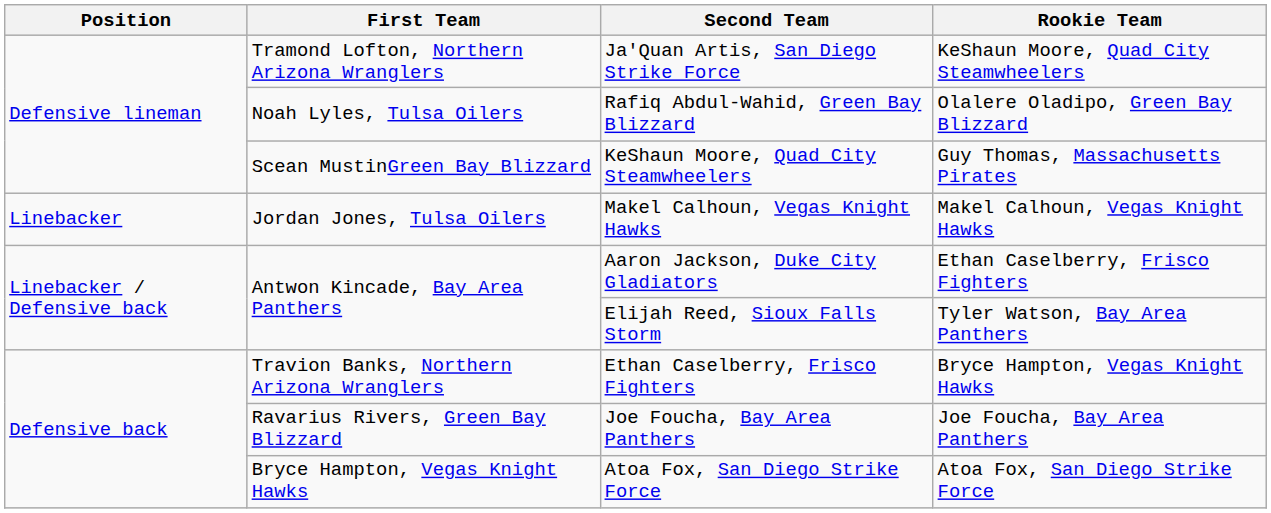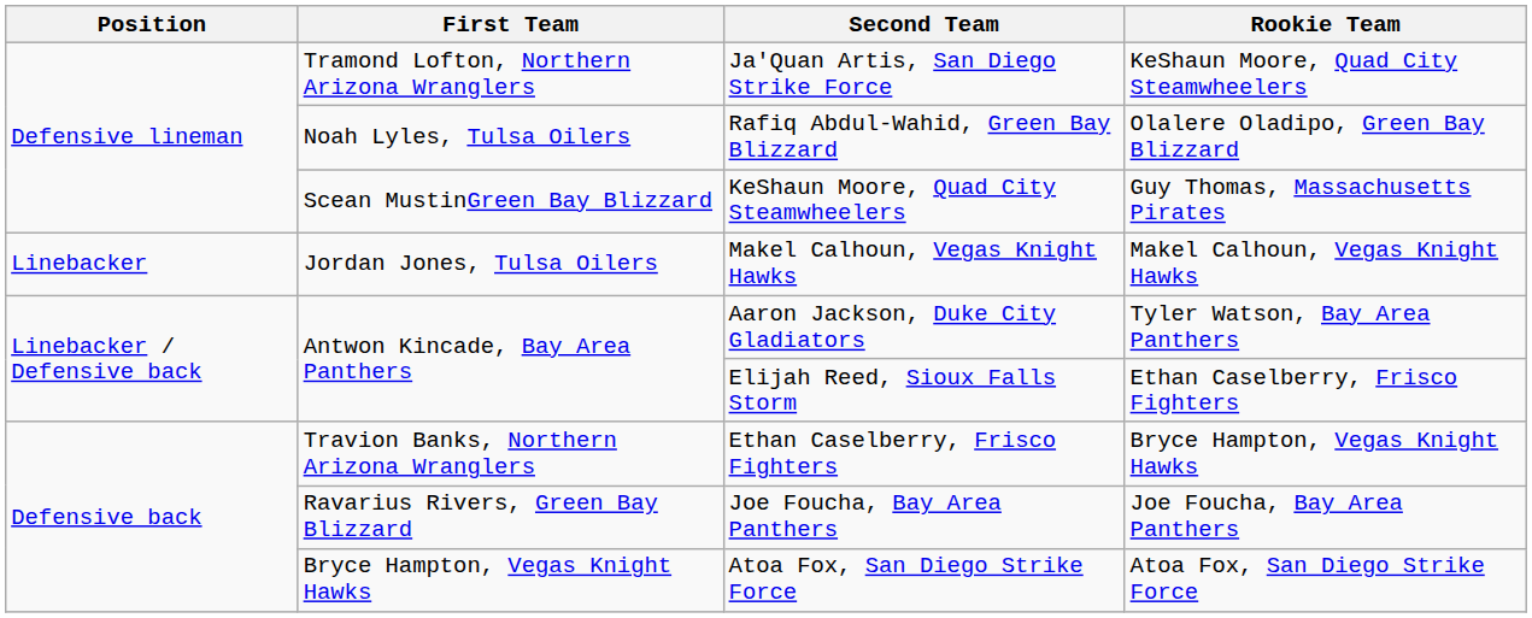 <table class="wikitable">
 <tr>
 <th>Position</th>
 <th>First Team</th>
 <th>Second Team</th>
 <th>Rookie Team</th>
 </tr>
 <tr>
 <td rowspan="3"><a href='#'>Defensive lineman</a></td>
 <td>Tramond Lofton, <a href='#'>Northern Arizona Wranglers</a></td>
 <td>Ja'Quan Artis, <a href='#'>San Diego Strike Force</a></td>
 <td>KeShaun Moore, <a href='#'>Quad City Steamwheelers</a></td>
 </tr>
 <tr>
 <td>Noah Lyles, <a href='#'>Tulsa Oilers</a></td>
 <td>Rafiq Abdul-Wahid, <a href='#'>Green Bay Blizzard</a></td>
 <td>Olalere Oladipo, <a href='#'>Green Bay Blizzard</a></td>
 </tr>
 <tr>
 <td>Scean Mustin<a href='#'>Green Bay Blizzard</a></td>
 <td>KeShaun Moore, <a href='#'>Quad City Steamwheelers</a></td>
 <td>Guy Thomas, <a href='#'>Massachusetts Pirates</a></td>
 </tr>
 <tr>
 <td><a href='#'>Linebacker</a></td>
 <td>Jordan Jones, <a href='#'>Tulsa Oilers</a></td>
 <td>Makel Calhoun, <a href='#'>Vegas Knight Hawks</a></td>
 <td>Makel Calhoun, <a href='#'>Vegas Knight Hawks</a></td>
 </tr>
 <tr>
 <td rowspan="2"><a href='#'>Linebacker</a> / <a href='#'>Defensive back</a></td>
 <td rowspan="2">Antwon Kincade, <a href='#'>Bay Area Panthers</a></td>
 <td>Aaron Jackson, <a href='#'>Duke City Gladiators</a></td>
-<td>Ethan Caselberry, <a href='#'>Frisco Fighters</a></td>
+<td>Tyler Watson, <a href='#'>Bay Area Panthers</a></td>
 </tr>
 <tr>
 <td>Elijah Reed, <a href='#'>Sioux Falls Storm</a></td>
-<td>Tyler Watson, <a href='#'>Bay Area Panthers</a></td>
+<td>Ethan Caselberry, <a href='#'>Frisco Fighters</a></td>
 </tr>
 <tr>
 <td rowspan="3"><a href='#'>Defensive back</a></td>
 <td>Travion Banks, <a href='#'>Northern Arizona Wranglers</a></td>
 <td>Ethan Caselberry, <a href='#'>Frisco Fighters</a></td>
 <td>Bryce Hampton, <a href='#'>Vegas Knight Hawks</a></td>
 </tr>
 <tr>
 <td>Ravarius Rivers, <a href='#'>Green Bay Blizzard</a></td>
 <td>Joe Foucha, <a href='#'>Bay Area Panthers</a></td>
 <td>Joe Foucha, <a href='#'>Bay Area Panthers</a></td>
 </tr>
 <tr>
 <td>Bryce Hampton, <a href='#'>Vegas Knight Hawks</a></td>
 <td>Atoa Fox, <a href='#'>San Diego Strike Force</a></td>
 <td>Atoa Fox, <a href='#'>San Diego Strike Force</a></td>
 </tr>
 </table>
